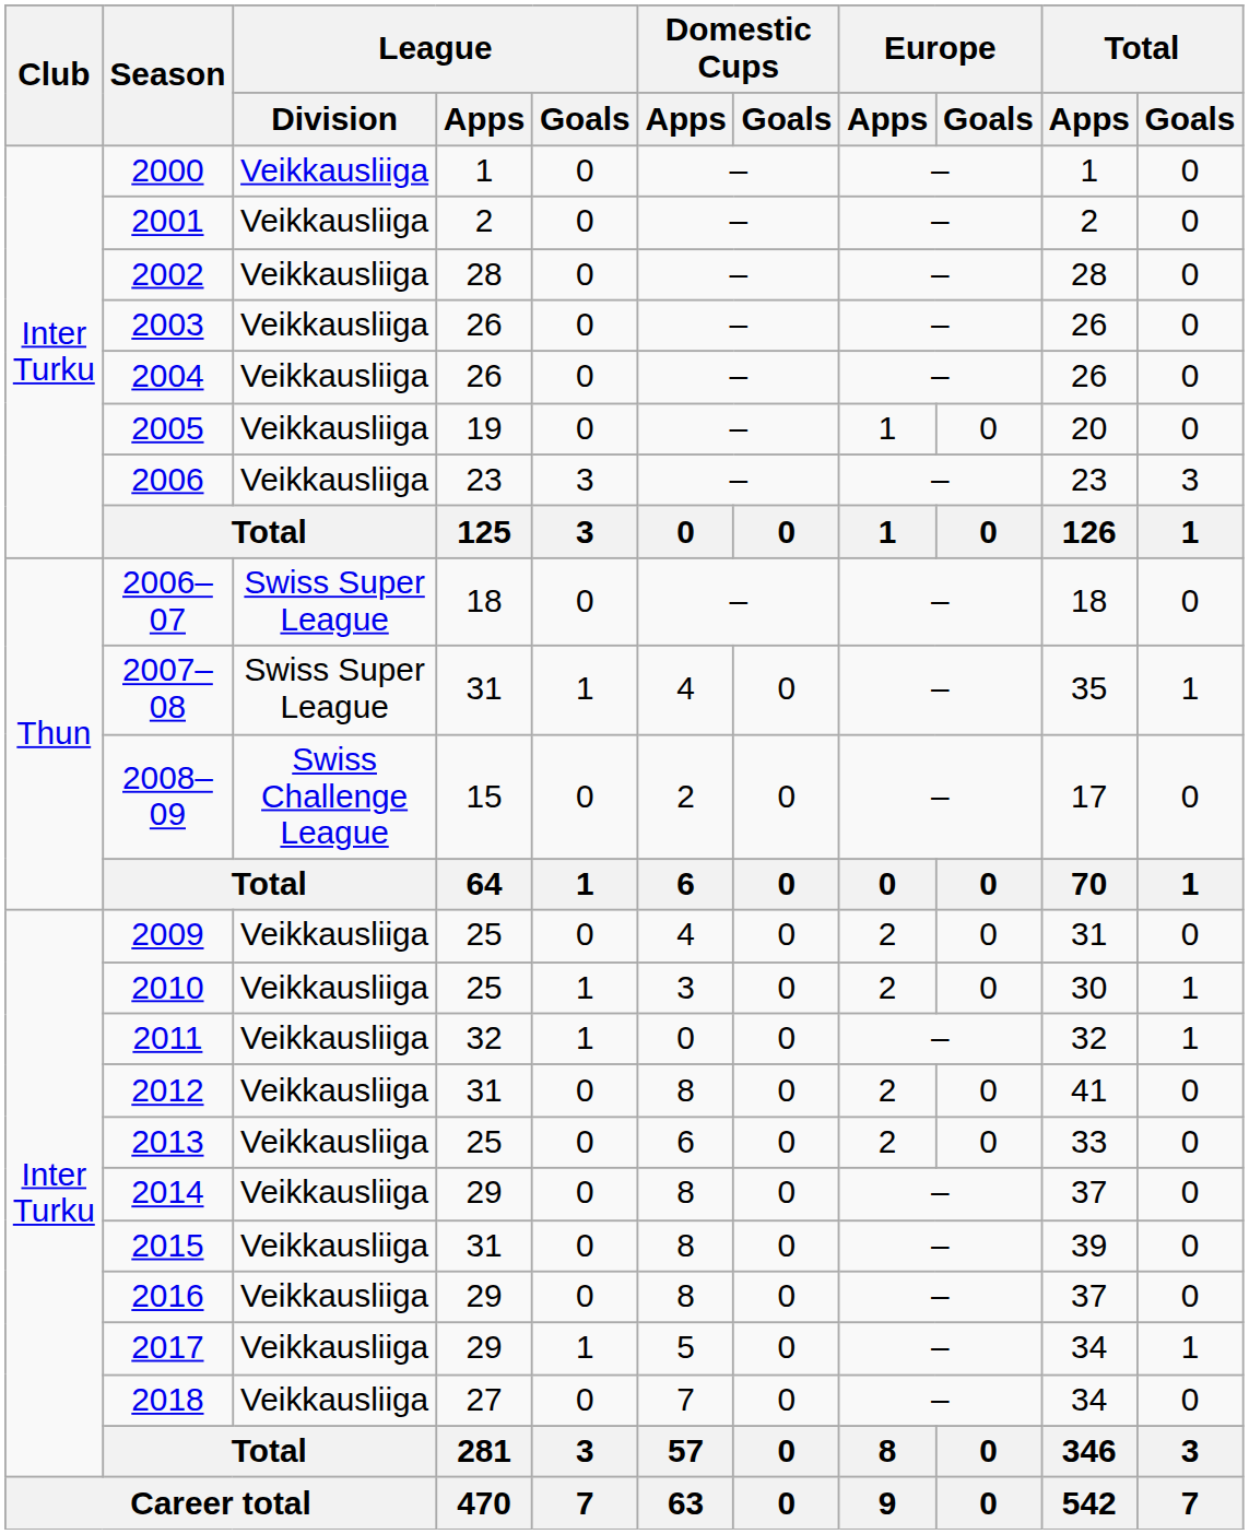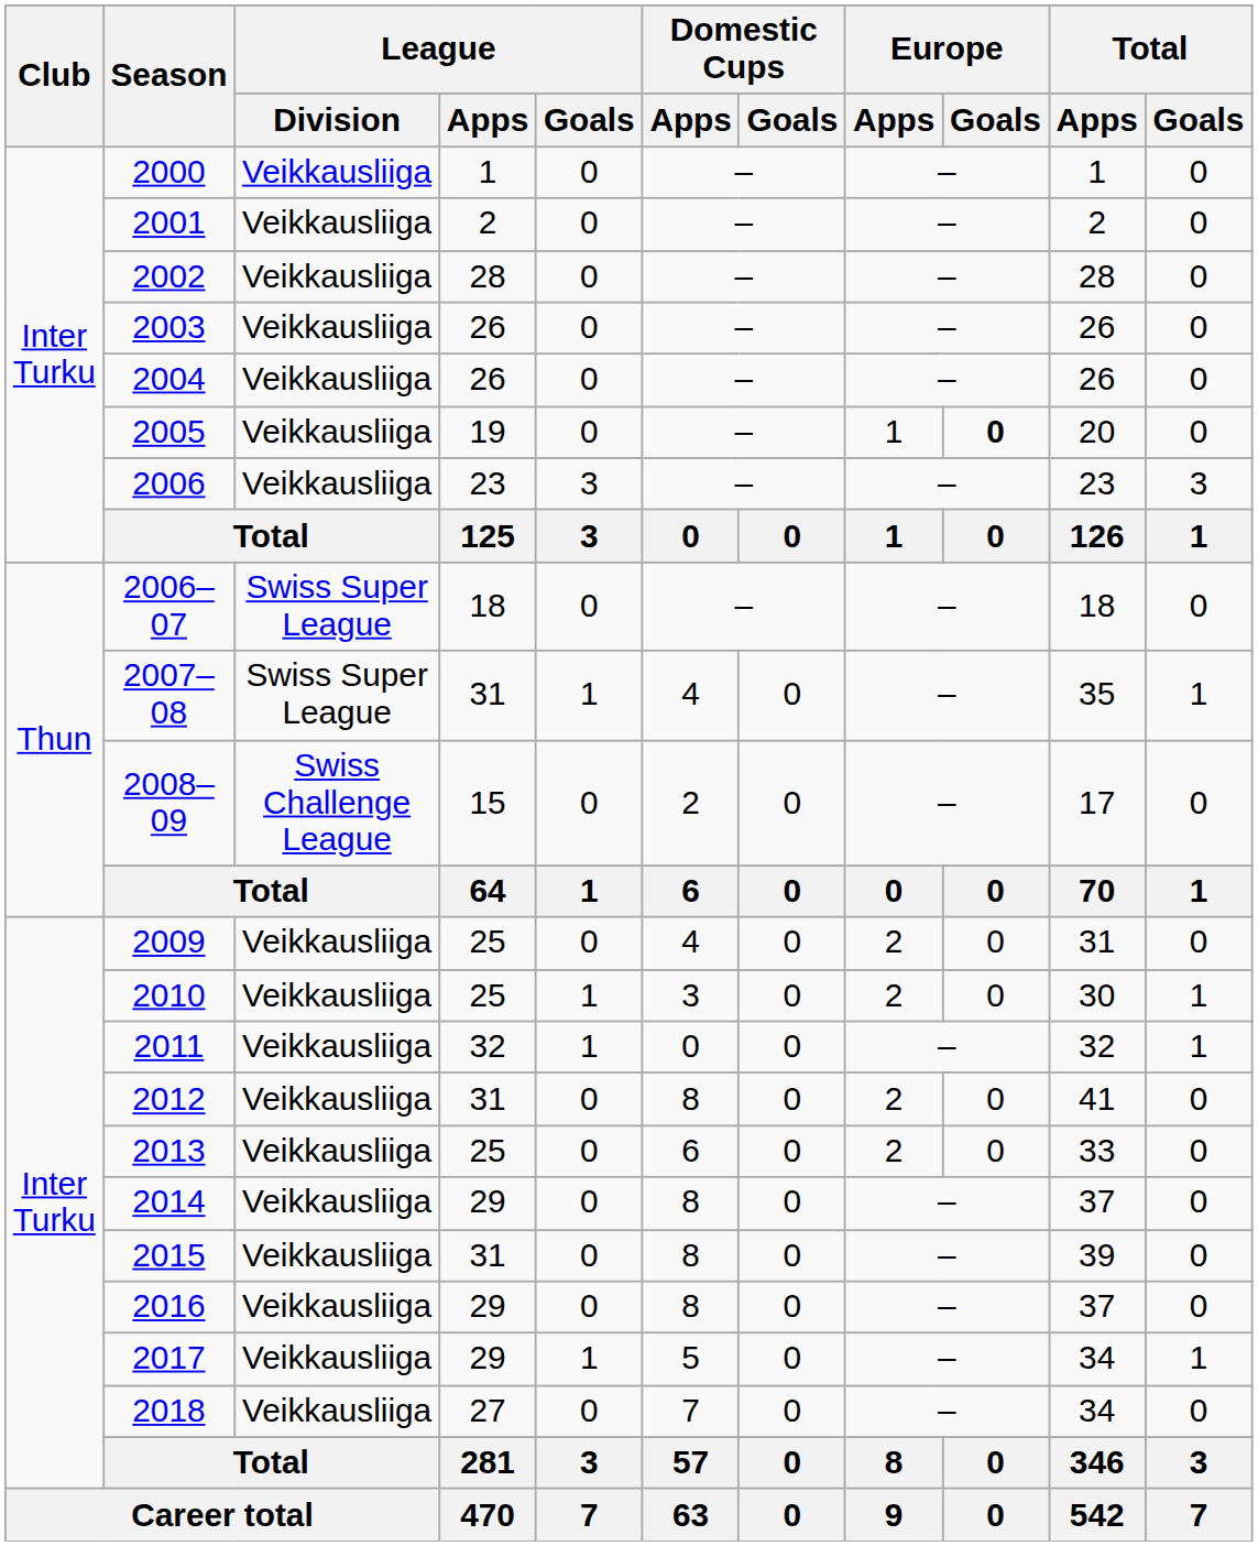 <table class="wikitable" style="text-align:center">
 <tr>
 <th rowspan="2">Club</th>
 <th rowspan="2">Season</th>
 <th colspan="3">League</th>
 <th colspan="2">Domestic Cups</th>
 <th colspan="2">Europe</th>
 <th colspan="2">Total</th>
 </tr>
 <tr>
 <th>Division</th>
 <th>Apps</th>
 <th>Goals</th>
 <th>Apps</th>
 <th>Goals</th>
 <th>Apps</th>
 <th>Goals</th>
 <th>Apps</th>
 <th>Goals</th>
 </tr>
 <tr>
 <td rowspan="8"><a href='#'>Inter Turku</a></td>
 <td><a href='#'>2000</a></td>
 <td><a href='#'>Veikkausliiga</a></td>
 <td>1</td>
 <td>0</td>
 <td colspan="2">–</td>
 <td colspan="2">–</td>
 <td>1</td>
 <td>0</td>
 </tr>
 <tr>
 <td><a href='#'>2001</a></td>
 <td>Veikkausliiga</td>
 <td>2</td>
 <td>0</td>
 <td colspan="2">–</td>
 <td colspan="2">–</td>
 <td>2</td>
 <td>0</td>
 </tr>
 <tr>
 <td><a href='#'>2002</a></td>
 <td>Veikkausliiga</td>
 <td>28</td>
 <td>0</td>
 <td colspan="2">–</td>
 <td colspan="2">–</td>
 <td>28</td>
 <td>0</td>
 </tr>
 <tr>
 <td><a href='#'>2003</a></td>
 <td>Veikkausliiga</td>
 <td>26</td>
 <td>0</td>
 <td colspan="2">–</td>
 <td colspan="2">–</td>
 <td>26</td>
 <td>0</td>
 </tr>
 <tr>
 <td><a href='#'>2004</a></td>
 <td>Veikkausliiga</td>
 <td>26</td>
 <td>0</td>
 <td colspan="2">–</td>
 <td colspan="2">–</td>
 <td>26</td>
 <td>0</td>
 </tr>
 <tr>
 <td><a href='#'>2005</a></td>
 <td>Veikkausliiga</td>
 <td>19</td>
 <td>0</td>
 <td colspan="2">–</td>
 <td>1</td>
-<td>0</td>
+<td><strong>0</strong></td>
 <td>20</td>
 <td>0</td>
 </tr>
 <tr>
 <td><a href='#'>2006</a></td>
 <td>Veikkausliiga</td>
 <td>23</td>
 <td>3</td>
 <td colspan="2">–</td>
 <td colspan="2">–</td>
 <td>23</td>
 <td>3</td>
 </tr>
 <tr>
 <th colspan="2">Total</th>
 <th>125</th>
 <th>3</th>
 <th>0</th>
 <th>0</th>
 <th>1</th>
 <th>0</th>
 <th>126</th>
 <th>1</th>
 </tr>
 <tr>
 <td rowspan="4"><a href='#'>Thun</a></td>
 <td><a href='#'>2006–07</a></td>
 <td><a href='#'>Swiss Super League</a></td>
 <td>18</td>
 <td>0</td>
 <td colspan="2">–</td>
 <td colspan="2">–</td>
 <td>18</td>
 <td>0</td>
 </tr>
 <tr>
 <td><a href='#'>2007–08</a></td>
 <td>Swiss Super League</td>
 <td>31</td>
 <td>1</td>
 <td>4</td>
 <td>0</td>
 <td colspan="2">–</td>
 <td>35</td>
 <td>1</td>
 </tr>
 <tr>
 <td><a href='#'>2008–09</a></td>
 <td><a href='#'>Swiss Challenge League</a></td>
 <td>15</td>
 <td>0</td>
 <td>2</td>
 <td>0</td>
 <td colspan="2">–</td>
 <td>17</td>
 <td>0</td>
 </tr>
 <tr>
 <th colspan="2">Total</th>
 <th>64</th>
 <th>1</th>
 <th>6</th>
 <th>0</th>
 <th>0</th>
 <th>0</th>
 <th>70</th>
 <th>1</th>
 </tr>
 <tr>
 <td rowspan="11"><a href='#'>Inter Turku</a></td>
 <td><a href='#'>2009</a></td>
 <td>Veikkausliiga</td>
 <td>25</td>
 <td>0</td>
 <td>4</td>
 <td>0</td>
 <td>2</td>
 <td>0</td>
 <td>31</td>
 <td>0</td>
 </tr>
 <tr>
 <td><a href='#'>2010</a></td>
 <td>Veikkausliiga</td>
 <td>25</td>
 <td>1</td>
 <td>3</td>
 <td>0</td>
 <td>2</td>
 <td>0</td>
 <td>30</td>
 <td>1</td>
 </tr>
 <tr>
 <td><a href='#'>2011</a></td>
 <td>Veikkausliiga</td>
 <td>32</td>
 <td>1</td>
 <td>0</td>
 <td>0</td>
 <td colspan="2">–</td>
 <td>32</td>
 <td>1</td>
 </tr>
 <tr>
 <td><a href='#'>2012</a></td>
 <td>Veikkausliiga</td>
 <td>31</td>
 <td>0</td>
 <td>8</td>
 <td>0</td>
 <td>2</td>
 <td>0</td>
 <td>41</td>
 <td>0</td>
 </tr>
 <tr>
 <td><a href='#'>2013</a></td>
 <td>Veikkausliiga</td>
 <td>25</td>
 <td>0</td>
 <td>6</td>
 <td>0</td>
 <td>2</td>
 <td>0</td>
 <td>33</td>
 <td>0</td>
 </tr>
 <tr>
 <td><a href='#'>2014</a></td>
 <td>Veikkausliiga</td>
 <td>29</td>
 <td>0</td>
 <td>8</td>
 <td>0</td>
 <td colspan="2">–</td>
 <td>37</td>
 <td>0</td>
 </tr>
 <tr>
 <td><a href='#'>2015</a></td>
 <td>Veikkausliiga</td>
 <td>31</td>
 <td>0</td>
 <td>8</td>
 <td>0</td>
 <td colspan="2">–</td>
 <td>39</td>
 <td>0</td>
 </tr>
 <tr>
 <td><a href='#'>2016</a></td>
 <td>Veikkausliiga</td>
 <td>29</td>
 <td>0</td>
 <td>8</td>
 <td>0</td>
 <td colspan="2">–</td>
 <td>37</td>
 <td>0</td>
 </tr>
 <tr>
 <td><a href='#'>2017</a></td>
 <td>Veikkausliiga</td>
 <td>29</td>
 <td>1</td>
 <td>5</td>
 <td>0</td>
 <td colspan="2">–</td>
 <td>34</td>
 <td>1</td>
 </tr>
 <tr>
 <td><a href='#'>2018</a></td>
 <td>Veikkausliiga</td>
 <td>27</td>
 <td>0</td>
 <td>7</td>
 <td>0</td>
 <td colspan="2">–</td>
 <td>34</td>
 <td>0</td>
 </tr>
 <tr>
 <th colspan="2">Total</th>
 <th>281</th>
 <th>3</th>
 <th>57</th>
 <th>0</th>
 <th>8</th>
 <th>0</th>
 <th>346</th>
 <th>3</th>
 </tr>
 <tr>
 <th colspan="3">Career total</th>
 <th>470</th>
 <th>7</th>
 <th>63</th>
 <th>0</th>
 <th>9</th>
 <th>0</th>
 <th>542</th>
 <th>7</th>
 </tr>
 </table>
